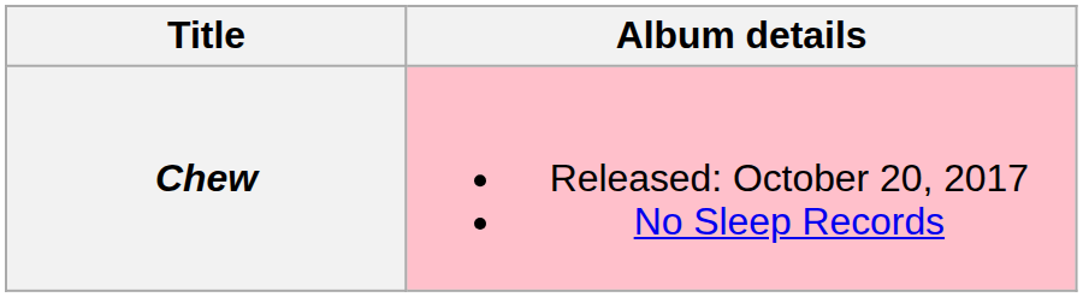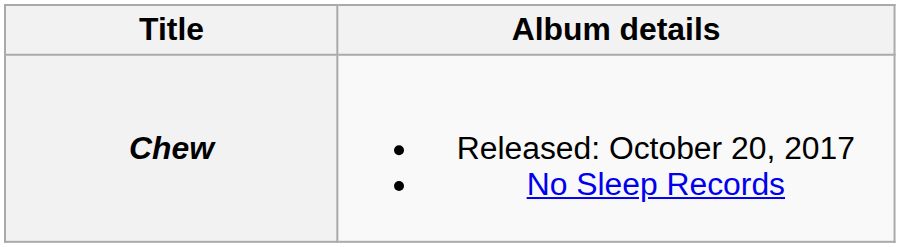 <table class="wikitable plainrowheaders" style="text-align:center;">
 <tr>
 <th scope="col" style="width:10em;">Title</th>
 <th scope="col" style="width:17em;">Album details</th>
 </tr>
 <tr>
 <th scope="row"><em>Chew</em></th>
-<td style="background: pink;"><br><ul><li>Released: October 20, 2017</li><li><a href='#'>No Sleep Records</a></li></ul></td>
+<td><br><ul><li>Released: October 20, 2017</li><li><a href='#'>No Sleep Records</a></li></ul></td>
 </tr>
 </table>
